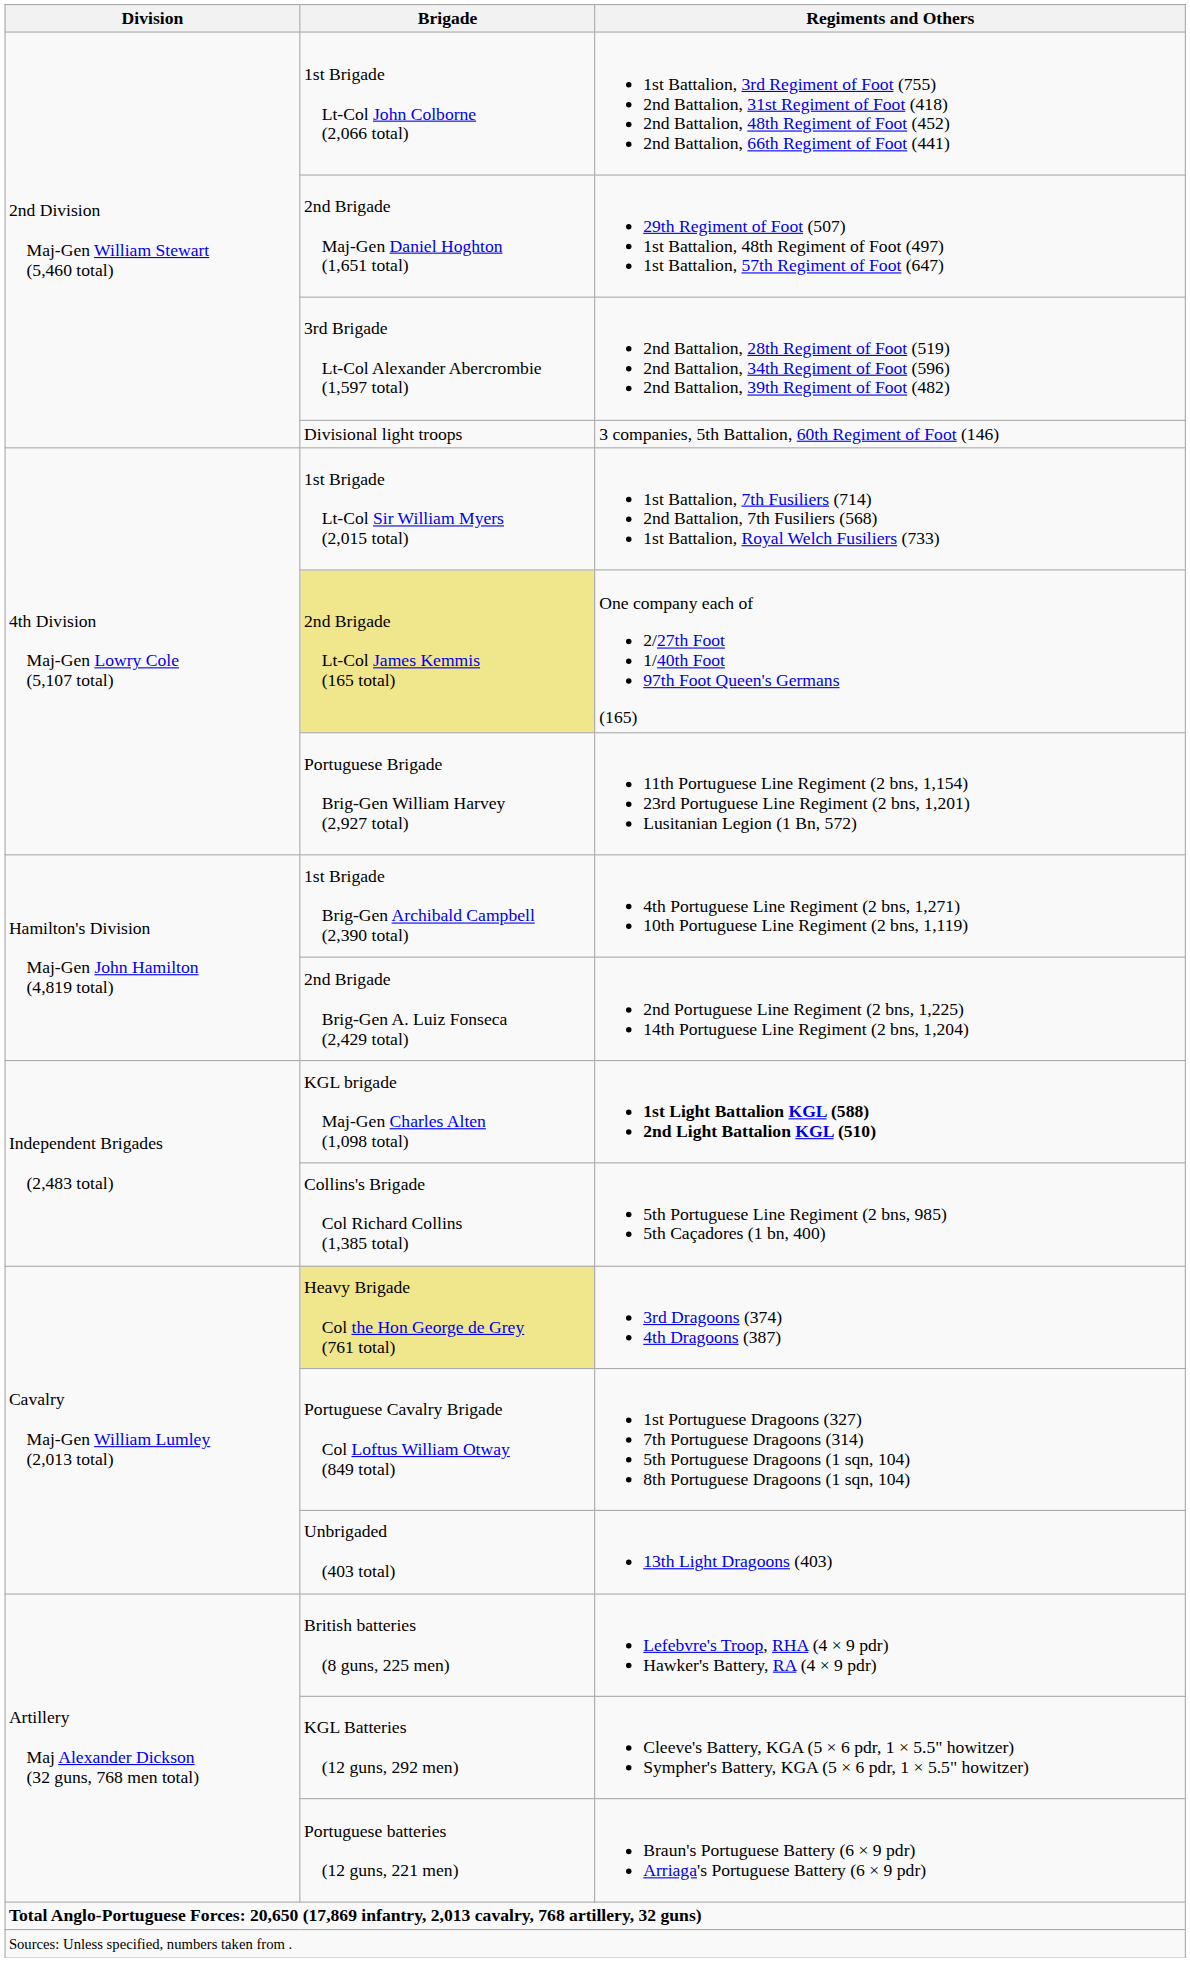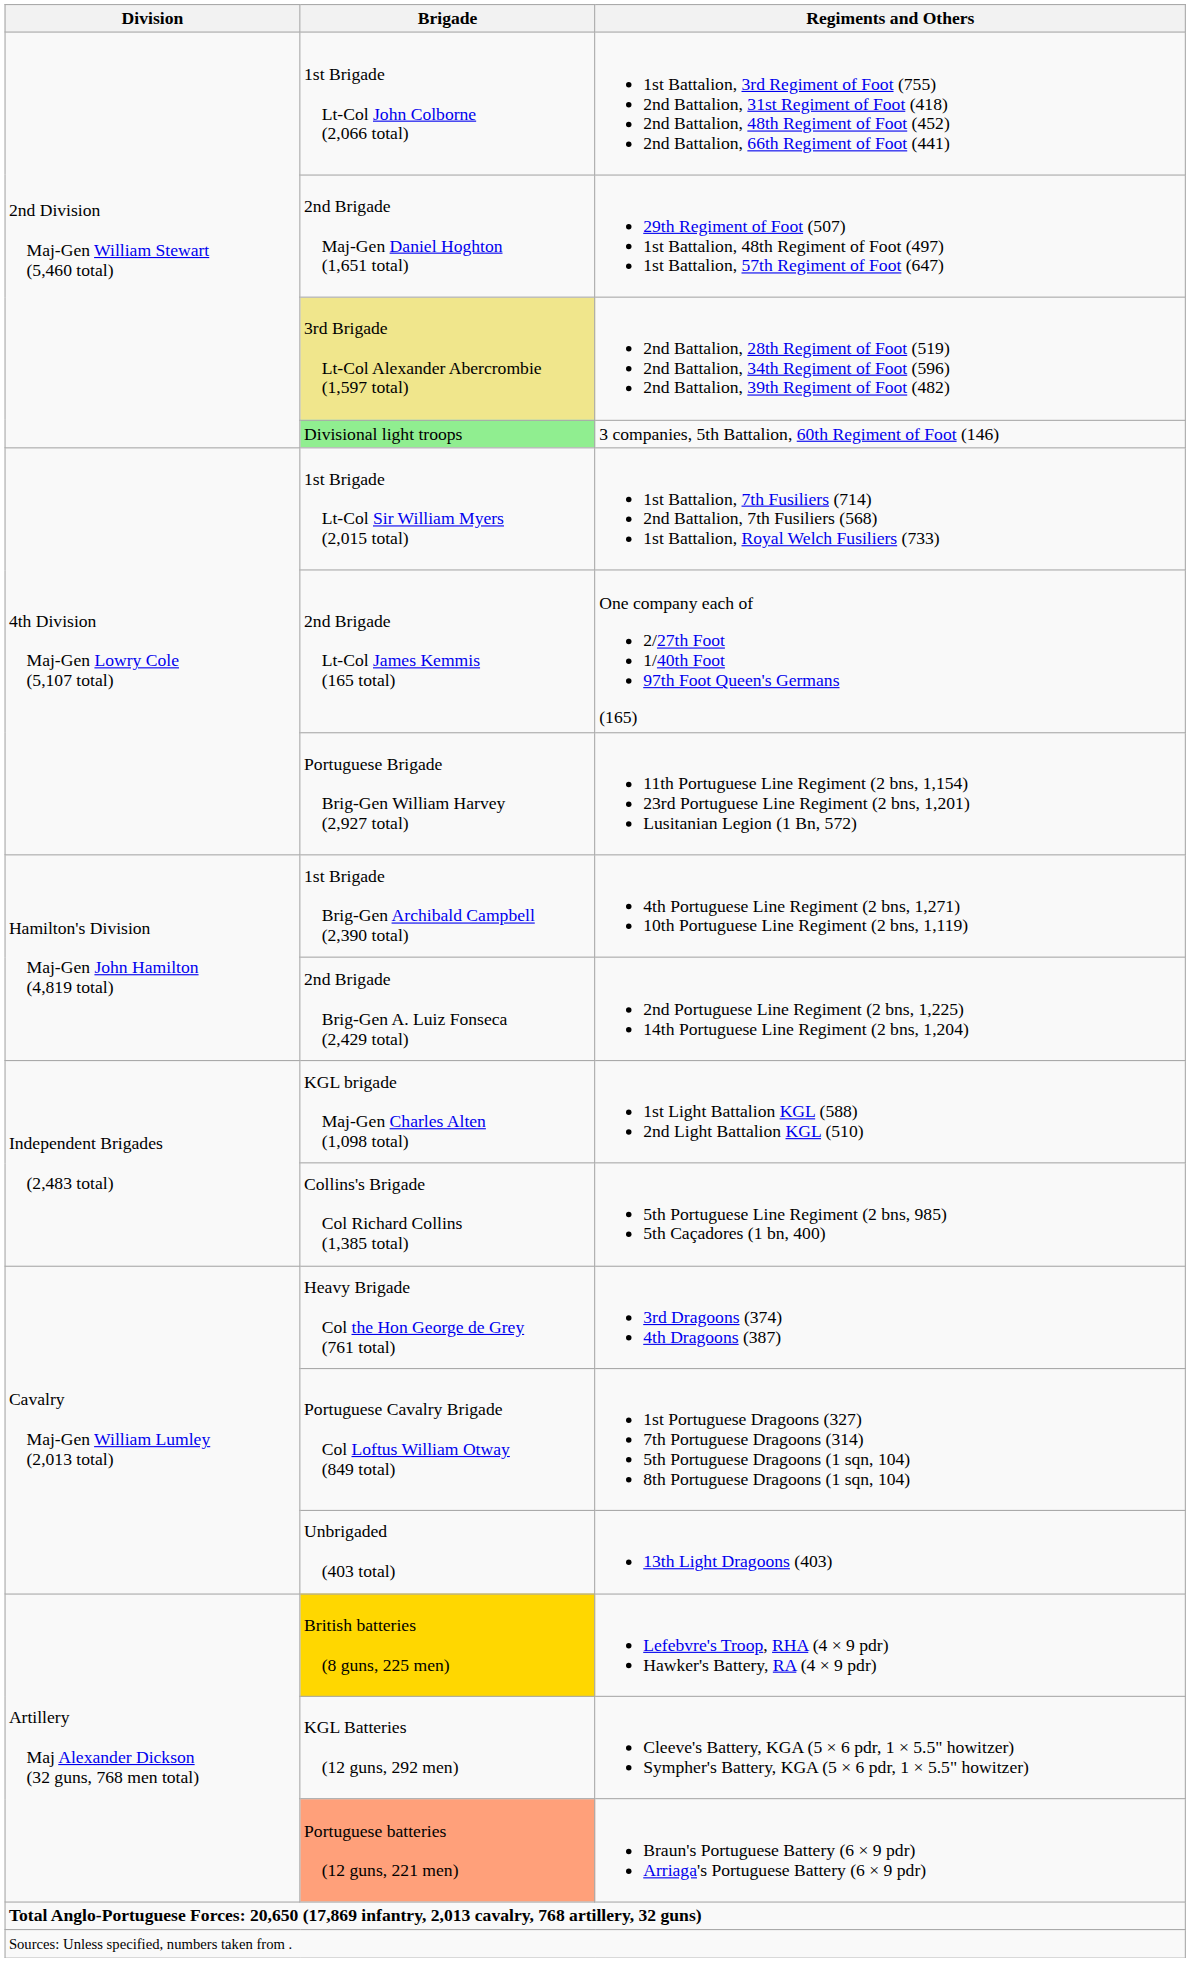 <table class="wikitable" width="85%" style="margin: 1em auto 1em auto">
 <tr>
 <th style="width:25%;">Division</th>
 <th style="width:25%;">Brigade</th>
 <th>Regiments and Others</th>
 </tr>
 <tr>
 <td rowspan=4>2nd Division<br><br>    Maj-Gen <a href='#'>William Stewart</a> <br>    (5,460 total)</td>
 <td>1st Brigade<br><br>    Lt-Col <a href='#'>John Colborne</a> <br>    (2,066 total)</td>
 <td><br><ul><li>1st Battalion, <a href='#'>3rd Regiment of Foot</a> (755)</li><li>2nd Battalion, <a href='#'>31st Regiment of Foot</a> (418)</li><li>2nd Battalion, <a href='#'>48th Regiment of Foot</a> (452)</li><li>2nd Battalion, <a href='#'>66th Regiment of Foot</a> (441)</li></ul></td>
 </tr>
 <tr>
 <td>2nd Brigade<br><br>    Maj-Gen <a href='#'>Daniel Hoghton</a> <br>    (1,651 total)</td>
 <td><br><ul><li><a href='#'>29th Regiment of Foot</a> (507)</li><li>1st Battalion, 48th Regiment of Foot (497)</li><li>1st Battalion, <a href='#'>57th Regiment of Foot</a> (647)</li></ul></td>
 </tr>
 <tr>
-<td>3rd Brigade<br><br>    Lt-Col Alexander Abercrombie <br>    (1,597 total)</td>
+<td style="background: khaki;">3rd Brigade<br><br>    Lt-Col Alexander Abercrombie <br>    (1,597 total)</td>
 <td><br><ul><li>2nd Battalion, <a href='#'>28th Regiment of Foot</a> (519)</li><li>2nd Battalion, <a href='#'>34th Regiment of Foot</a> (596)</li><li>2nd Battalion, <a href='#'>39th Regiment of Foot</a> (482)</li></ul></td>
 </tr>
 <tr>
-<td>Divisional light troops</td>
+<td style="background: lightgreen;">Divisional light troops</td>
 <td>3 companies, 5th Battalion, <a href='#'>60th Regiment of Foot</a> (146)</td>
 </tr>
 <tr>
 <td rowspan=3>4th Division<br><br>    Maj-Gen <a href='#'>Lowry Cole</a> <br>    (5,107 total)</td>
 <td>1st Brigade<br><br>    Lt-Col <a href='#'>Sir William Myers</a> <br>    (2,015 total)</td>
 <td><br><ul><li>1st Battalion, <a href='#'>7th Fusiliers</a> (714)</li><li>2nd Battalion, 7th Fusiliers (568)</li><li>1st Battalion, <a href='#'>Royal Welch Fusiliers</a> (733)</li></ul></td>
 </tr>
 <tr>
-<td style="background: khaki;">2nd Brigade<br><br>    Lt-Col <a href='#'>James Kemmis</a> <br>    (165 total)</td>
+<td>2nd Brigade<br><br>    Lt-Col <a href='#'>James Kemmis</a> <br>    (165 total)</td>
 <td><br>One company each of<ul><li>2/<a href='#'>27th Foot</a></li><li>1/<a href='#'>40th Foot</a></li><li><a href='#'>97th Foot Queen's Germans</a></li></ul>(165)</td>
 </tr>
 <tr>
 <td>Portuguese Brigade<br><br>    Brig-Gen William Harvey <br>    (2,927 total)</td>
 <td><br><ul><li>11th Portuguese Line Regiment (2 bns, 1,154)</li><li>23rd Portuguese Line Regiment (2 bns, 1,201)</li><li>Lusitanian Legion (1 Bn, 572)</li></ul></td>
 </tr>
 <tr>
 <td rowspan=2>Hamilton's Division<br><br>    Maj-Gen <a href='#'>John Hamilton</a> <br>    (4,819 total)</td>
 <td>1st Brigade<br><br>    Brig-Gen <a href='#'>Archibald Campbell</a> <br>    (2,390 total)</td>
 <td><br><ul><li>4th Portuguese Line Regiment (2 bns, 1,271)</li><li>10th Portuguese Line Regiment (2 bns, 1,119)</li></ul></td>
 </tr>
 <tr>
 <td>2nd Brigade<br><br>    Brig-Gen A. Luiz Fonseca <br>    (2,429 total)</td>
 <td><br><ul><li>2nd Portuguese Line Regiment (2 bns, 1,225)</li><li>14th Portuguese Line Regiment (2 bns, 1,204)</li></ul></td>
 </tr>
 <tr>
 <td rowspan=2>Independent Brigades<br><br>    (2,483 total)</td>
 <td>KGL brigade<br><br>    Maj-Gen <a href='#'>Charles Alten</a> <br>    (1,098 total)</td>
-<td><strong><br><ul><li>1st Light Battalion <a href='#'>KGL</a> (588)</li><li>2nd Light Battalion <a href='#'>KGL</a> (510)</li></ul></strong></td>
+<td><br><ul><li>1st Light Battalion <a href='#'>KGL</a> (588)</li><li>2nd Light Battalion <a href='#'>KGL</a> (510)</li></ul></td>
 </tr>
 <tr>
 <td>Collins's Brigade<br><br>    Col Richard Collins <br>    (1,385 total)</td>
 <td><br><ul><li>5th Portuguese Line Regiment (2 bns, 985)</li><li>5th Caçadores (1 bn, 400)</li></ul></td>
 </tr>
 <tr>
 <td rowspan=3>Cavalry<br><br>    Maj-Gen <a href='#'>William Lumley</a> <br>    (2,013 total)</td>
-<td style="background: khaki;">Heavy Brigade<br><br>    Col <a href='#'>the Hon George de Grey</a> <br>    (761 total)</td>
+<td>Heavy Brigade<br><br>    Col <a href='#'>the Hon George de Grey</a> <br>    (761 total)</td>
 <td><br><ul><li><a href='#'>3rd Dragoons</a> (374)</li><li><a href='#'>4th Dragoons</a> (387)</li></ul></td>
 </tr>
 <tr>
 <td>Portuguese Cavalry Brigade<br><br>    Col <a href='#'>Loftus William Otway</a> <br>    (849 total)</td>
 <td><br><ul><li>1st Portuguese Dragoons (327)</li><li>7th Portuguese Dragoons (314)</li><li>5th Portuguese Dragoons (1 sqn, 104)</li><li>8th Portuguese Dragoons (1 sqn, 104)</li></ul></td>
 </tr>
 <tr>
 <td>Unbrigaded<br><br>    (403 total)</td>
 <td><br><ul><li><a href='#'>13th Light Dragoons</a> (403)</li></ul></td>
 </tr>
 <tr>
 <td rowspan=3>Artillery<br><br>    Maj <a href='#'>Alexander Dickson</a> <br>    (32 guns, 768 men total)</td>
-<td>British batteries<br><br>    (8 guns, 225 men)</td>
+<td style="background: gold;">British batteries<br><br>    (8 guns, 225 men)</td>
 <td><br><ul><li><a href='#'>Lefebvre's Troop</a>, <a href='#'>RHA</a> (4 × 9 pdr) </li><li>Hawker's Battery, <a href='#'>RA</a> (4 × 9 pdr)</li></ul></td>
 </tr>
 <tr>
 <td>KGL Batteries<br><br>    (12 guns, 292 men)</td>
 <td><br><ul><li>Cleeve's Battery, KGA (5 × 6 pdr, 1 × 5.5" howitzer)</li><li>Sympher's Battery, KGA (5 × 6 pdr, 1 × 5.5" howitzer)</li></ul></td>
 </tr>
 <tr>
-<td>Portuguese batteries<br><br>    (12 guns, 221 men)</td>
+<td style="background: lightsalmon;">Portuguese batteries<br><br>    (12 guns, 221 men)</td>
 <td><br><ul><li>Braun's Portuguese Battery (6 × 9 pdr)</li><li><a href='#'>Arriaga</a>'s Portuguese Battery (6 × 9 pdr)</li></ul></td>
 </tr>
 <tr>
 <td colspan=3><strong>Total Anglo-Portuguese Forces: 20,650 (17,869 infantry, 2,013 cavalry, 768 artillery, 32 guns)</strong></td>
 </tr>
 <tr>
 <td colspan=3><small>Sources: Unless specified, numbers taken from .</small></td>
 </tr>
 </table>
